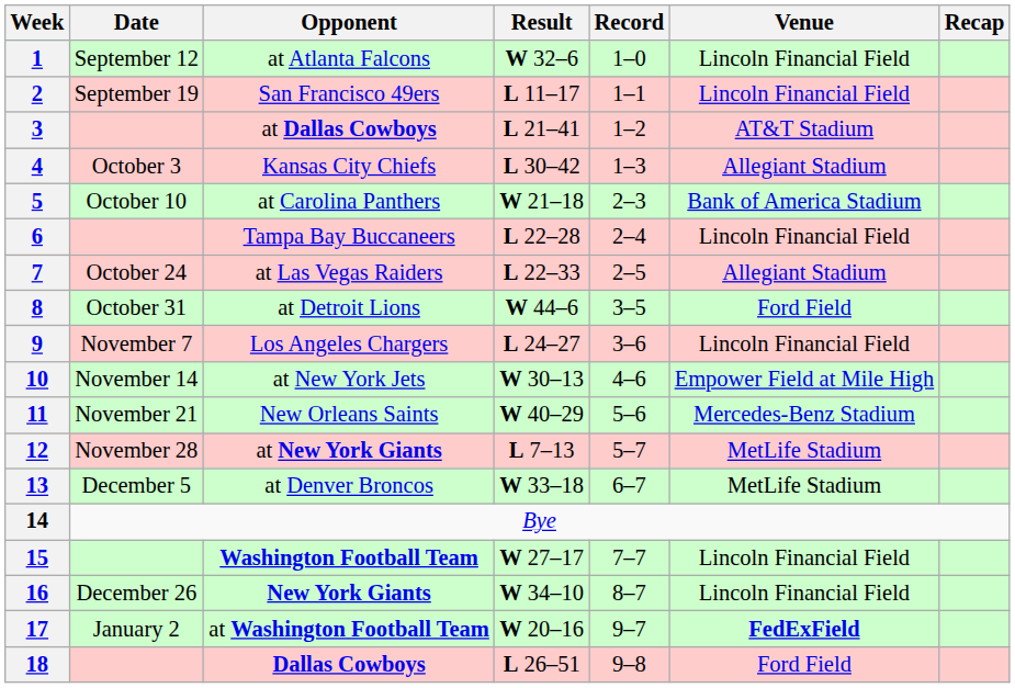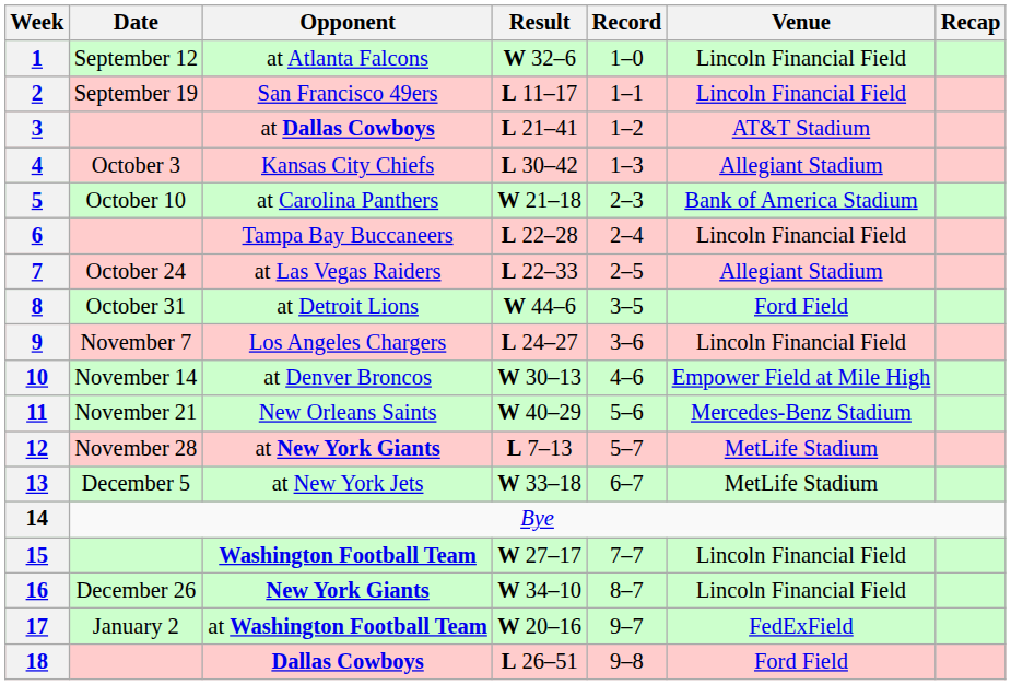 <table class="wikitable" style="text-align:center">
 <tr>
 <th>Week</th>
 <th>Date</th>
 <th>Opponent</th>
 <th>Result</th>
 <th>Record</th>
 <th>Venue</th>
 <th>Recap</th>
 </tr>
 <tr style="background:#cfc">
 <th><a href='#'>1</a></th>
 <td>September 12</td>
 <td>at <a href='#'>Atlanta Falcons</a></td>
 <td><strong>W</strong> 32–6</td>
 <td>1–0</td>
 <td>Lincoln Financial Field</td>
 <td></td>
 </tr>
 <tr style="background:#fcc">
 <th><a href='#'>2</a></th>
 <td>September 19</td>
 <td><a href='#'>San Francisco 49ers</a></td>
 <td><strong>L</strong> 11–17</td>
 <td>1–1</td>
 <td><a href='#'>Lincoln Financial Field</a></td>
 <td></td>
 </tr>
 <tr style="background:#fcc">
 <th><a href='#'>3</a></th>
 <td></td>
 <td>at <strong><a href='#'>Dallas Cowboys</a></strong></td>
 <td><strong>L</strong> 21–41</td>
 <td>1–2</td>
 <td><a href='#'>AT&T Stadium</a></td>
 <td></td>
 </tr>
 <tr style="background:#fcc">
 <th><a href='#'>4</a></th>
 <td>October 3</td>
 <td><a href='#'>Kansas City Chiefs</a></td>
 <td><strong>L</strong> 30–42</td>
 <td>1–3</td>
 <td><a href='#'>Allegiant Stadium</a></td>
 <td></td>
 </tr>
 <tr style="background:#cfc">
 <th><a href='#'>5</a></th>
 <td>October 10</td>
 <td>at <a href='#'>Carolina Panthers</a></td>
 <td><strong>W</strong> 21–18</td>
 <td>2–3</td>
 <td><a href='#'>Bank of America Stadium</a></td>
 <td></td>
 </tr>
 <tr style="background:#fcc">
 <th><a href='#'>6</a></th>
 <td></td>
 <td><a href='#'>Tampa Bay Buccaneers</a></td>
 <td><strong>L</strong> 22–28</td>
 <td>2–4</td>
 <td>Lincoln Financial Field</td>
 <td></td>
 </tr>
 <tr style="background:#fcc">
 <th><a href='#'>7</a></th>
 <td>October 24</td>
 <td>at <a href='#'>Las Vegas Raiders</a></td>
 <td><strong>L</strong> 22–33</td>
 <td>2–5</td>
 <td><a href='#'>Allegiant Stadium</a></td>
 <td></td>
 </tr>
 <tr style="background:#cfc">
 <th><a href='#'>8</a></th>
 <td>October 31</td>
 <td>at <a href='#'>Detroit Lions</a></td>
 <td><strong>W</strong> 44–6</td>
 <td>3–5</td>
 <td><a href='#'>Ford Field</a></td>
 <td></td>
 </tr>
 <tr style="background:#fcc">
 <th><a href='#'>9</a></th>
 <td>November 7</td>
 <td><a href='#'>Los Angeles Chargers</a></td>
 <td><strong>L</strong> 24–27</td>
 <td>3–6</td>
 <td>Lincoln Financial Field</td>
 <td></td>
 </tr>
 <tr style="background:#cfc">
 <th><a href='#'>10</a></th>
 <td>November 14</td>
-<td>at <a href='#'>New York Jets</a></td>
+<td>at <a href='#'>Denver Broncos</a></td>
 <td><strong>W</strong> 30–13</td>
 <td>4–6</td>
 <td><a href='#'>Empower Field at Mile High</a></td>
 <td></td>
 </tr>
 <tr style="background:#cfc">
 <th><a href='#'>11</a></th>
 <td>November 21</td>
 <td><a href='#'>New Orleans Saints</a></td>
 <td><strong>W</strong> 40–29</td>
 <td>5–6</td>
 <td><a href='#'>Mercedes-Benz Stadium</a></td>
 <td></td>
 </tr>
 <tr style="background:#fcc">
 <th><a href='#'>12</a></th>
 <td>November 28</td>
 <td>at <strong><a href='#'>New York Giants</a></strong></td>
 <td><strong>L</strong> 7–13</td>
 <td>5–7</td>
 <td><a href='#'>MetLife Stadium</a></td>
 <td></td>
 </tr>
 <tr style="background:#cfc">
 <th><a href='#'>13</a></th>
 <td>December 5</td>
-<td>at <a href='#'>Denver Broncos</a></td>
+<td>at <a href='#'>New York Jets</a></td>
 <td><strong>W</strong> 33–18</td>
 <td>6–7</td>
 <td>MetLife Stadium</td>
 <td></td>
 </tr>
 <tr>
 <th>14</th>
 <td colspan="6"><em><a href='#'>Bye</a></em></td>
 </tr>
 <tr style="background:#cfc">
 <th><a href='#'>15</a></th>
 <td></td>
 <td><strong><a href='#'>Washington Football Team</a></strong></td>
 <td><strong>W</strong> 27–17</td>
 <td>7–7</td>
 <td>Lincoln Financial Field</td>
 <td></td>
 </tr>
 <tr style="background:#cfc">
 <th><a href='#'>16</a></th>
 <td>December 26</td>
 <td><strong><a href='#'>New York Giants</a></strong></td>
 <td><strong>W</strong> 34–10</td>
 <td>8–7</td>
 <td>Lincoln Financial Field</td>
 <td></td>
 </tr>
 <tr style="background:#cfc">
 <th><a href='#'>17</a></th>
 <td>January 2</td>
 <td>at <strong><a href='#'>Washington Football Team</a></strong></td>
 <td><strong>W</strong> 20–16</td>
 <td>9–7</td>
-<td><strong><a href='#'>FedExField</a></strong></td>
+<td><a href='#'>FedExField</a></td>
 <td></td>
 </tr>
 <tr style="background:#fcc">
 <th><a href='#'>18</a></th>
 <td></td>
 <td><strong><a href='#'>Dallas Cowboys</a></strong></td>
 <td><strong>L</strong> 26–51</td>
 <td>9–8</td>
 <td><a href='#'>Ford Field</a></td>
 <td></td>
 </tr>
 </table>
